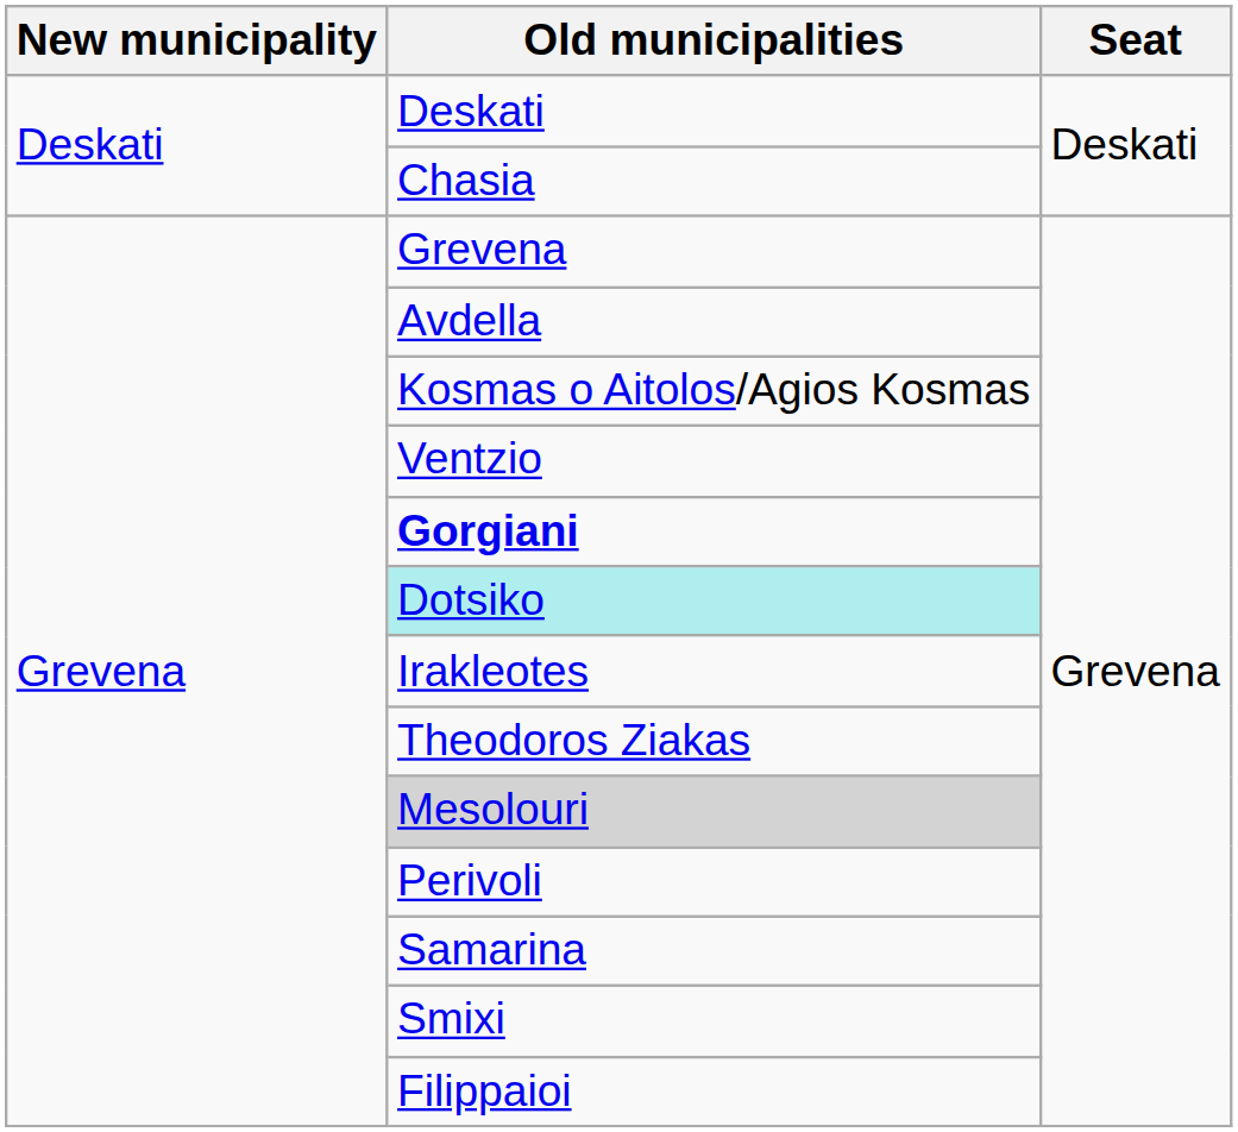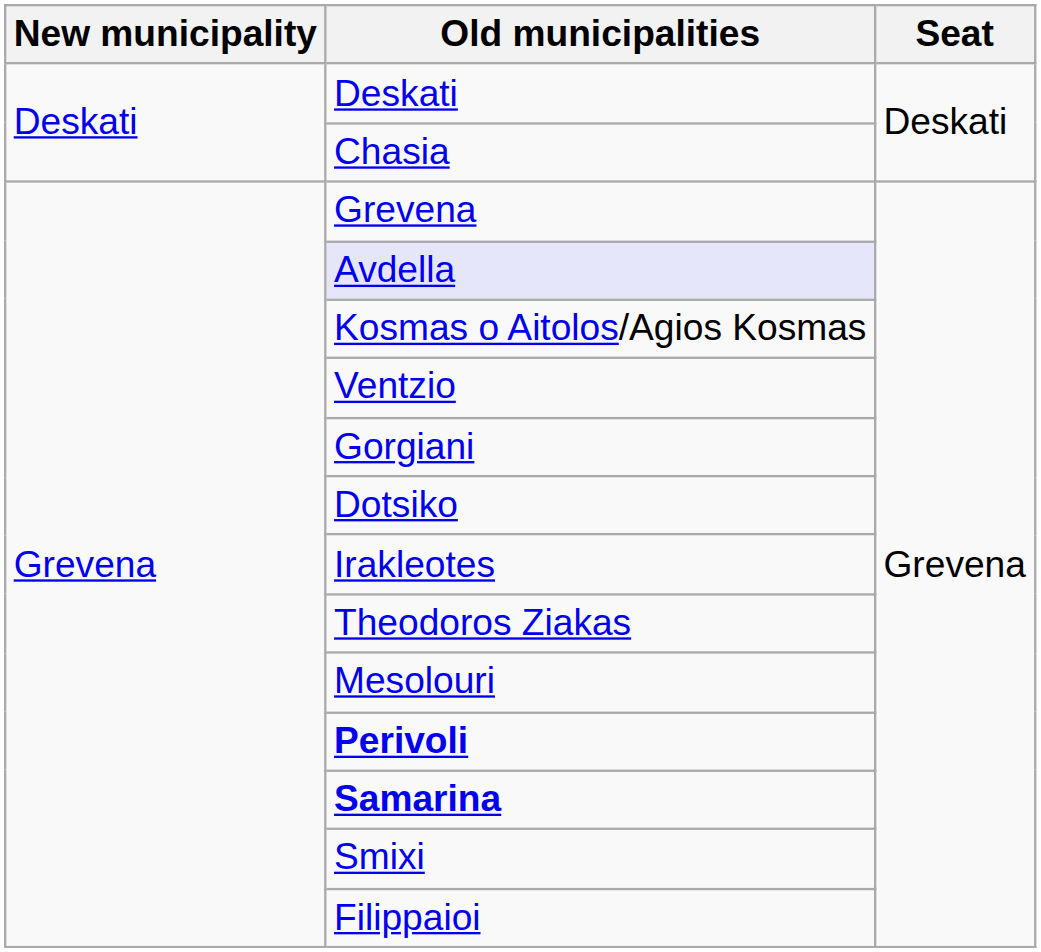 <table class="wikitable">
 <tr>
 <th>New municipality</th>
 <th>Old municipalities</th>
 <th>Seat</th>
 </tr>
 <tr>
 <td rowspan=2><a href='#'>Deskati</a></td>
 <td><a href='#'>Deskati</a></td>
 <td rowspan=2>Deskati</td>
 </tr>
 <tr>
 <td><a href='#'>Chasia</a></td>
 </tr>
 <tr>
 <td rowspan=13><a href='#'>Grevena</a></td>
 <td><a href='#'>Grevena</a></td>
 <td rowspan=13>Grevena</td>
 </tr>
 <tr>
-<td><a href='#'>Avdella</a></td>
+<td style="background: lavender;"><a href='#'>Avdella</a></td>
 </tr>
 <tr>
 <td><a href='#'>Kosmas o Aitolos</a>/Agios Kosmas</td>
 </tr>
 <tr>
 <td><a href='#'>Ventzio</a></td>
 </tr>
 <tr>
-<td><strong><a href='#'>Gorgiani</a></strong></td>
+<td><a href='#'>Gorgiani</a></td>
 </tr>
 <tr>
-<td style="background: paleturquoise;"><a href='#'>Dotsiko</a></td>
+<td><a href='#'>Dotsiko</a></td>
 </tr>
 <tr>
 <td><a href='#'>Irakleotes</a></td>
 </tr>
 <tr>
 <td><a href='#'>Theodoros Ziakas</a></td>
 </tr>
 <tr>
-<td style="background: lightgrey;"><a href='#'>Mesolouri</a></td>
+<td><a href='#'>Mesolouri</a></td>
 </tr>
 <tr>
-<td><a href='#'>Perivoli</a></td>
+<td><strong><a href='#'>Perivoli</a></strong></td>
 </tr>
 <tr>
-<td><a href='#'>Samarina</a></td>
+<td><strong><a href='#'>Samarina</a></strong></td>
 </tr>
 <tr>
 <td><a href='#'>Smixi</a></td>
 </tr>
 <tr>
 <td><a href='#'>Filippaioi</a></td>
 </tr>
 </table>
